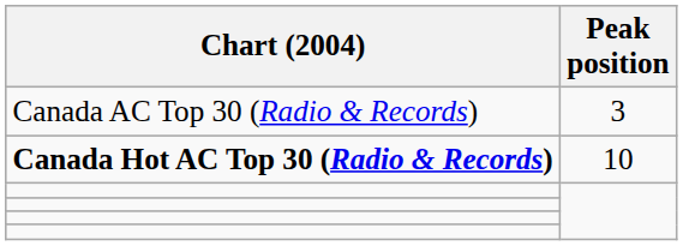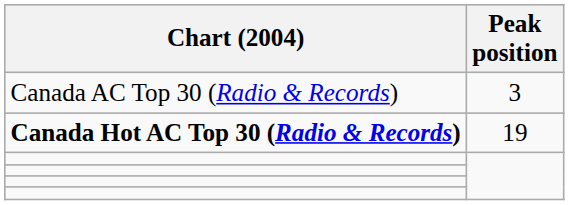 <table class="wikitable sortable">
 <tr>
 <th scope=row>Chart (2004)</th>
 <th scope=row>Peak<br>position</th>
 </tr>
 <tr>
 <td align="left">Canada AC Top 30 (<em><a href='#'>Radio & Records</a></em>)</td>
 <td align="center">3</td>
 </tr>
 <tr>
 <td align="left"><strong>Canada Hot AC Top 30 (<em><a href='#'>Radio & Records</a></em>)</strong></td>
-<td align="center">10</td>
+<td align="center">19</td>
 </tr>
 <tr>
 <td></td>
 </tr>
 <tr>
 <td></td>
 </tr>
 <tr>
 <td></td>
 </tr>
 <tr>
 <td></td>
 </tr>
 </table>
